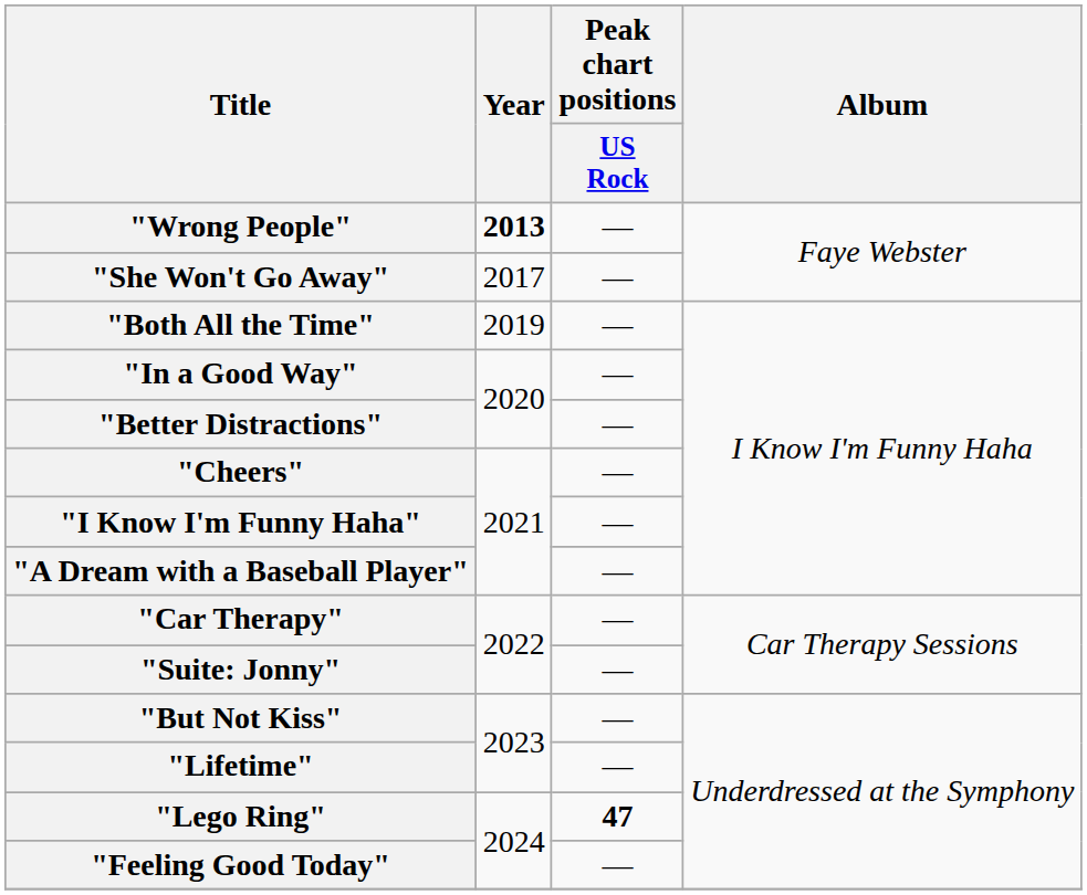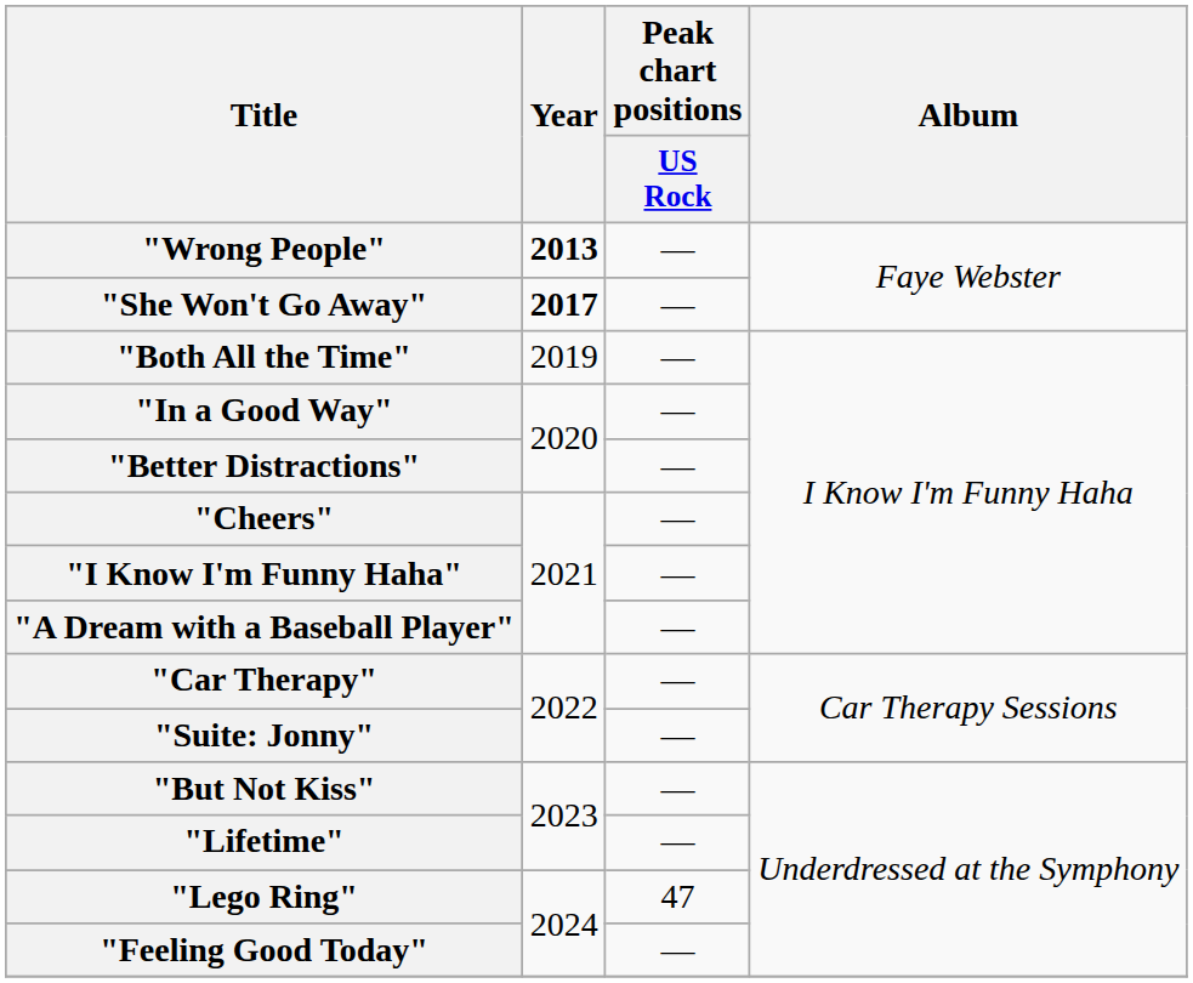 <table class="wikitable plainrowheaders" style="text-align:center;">
 <tr>
 <th scope="col" rowspan="2">Title</th>
 <th scope="col" rowspan="2">Year</th>
 <th scope="col" colspan="1">Peak chart positions</th>
 <th scope="col" rowspan="2">Album</th>
 </tr>
 <tr>
 <th scope="col" style="width:2.5em;font-size:90%;"><a href='#'>US<br>Rock</a><br></th>
 </tr>
 <tr>
 <th scope="row">"Wrong People"</th>
 <td><strong>2013</strong></td>
 <td>—</td>
 <td rowspan="2"><em>Faye Webster</em></td>
 </tr>
 <tr>
 <th scope="row">"She Won't Go Away"</th>
-<td>2017</td>
+<td><strong>2017</strong></td>
 <td>—</td>
 </tr>
 <tr>
 <th scope="row">"Both All the Time"</th>
 <td>2019</td>
 <td>—</td>
 <td rowspan="6"><em>I Know I'm Funny Haha</em></td>
 </tr>
 <tr>
 <th scope="row">"In a Good Way"</th>
 <td rowspan="2">2020</td>
 <td>—</td>
 </tr>
 <tr>
 <th scope="row">"Better Distractions"</th>
 <td>—</td>
 </tr>
 <tr>
 <th scope="row">"Cheers"</th>
 <td rowspan="3">2021</td>
 <td>—</td>
 </tr>
 <tr>
 <th scope="row">"I Know I'm Funny Haha"</th>
 <td>—</td>
 </tr>
 <tr>
 <th scope="row">"A Dream with a Baseball Player"</th>
 <td>—</td>
 </tr>
 <tr>
 <th scope="row">"Car Therapy"</th>
 <td rowspan="2">2022</td>
 <td>—</td>
 <td rowspan="2"><em>Car Therapy Sessions</em></td>
 </tr>
 <tr>
 <th scope="row">"Suite: Jonny"</th>
 <td>—</td>
 </tr>
 <tr>
 <th scope="row">"But Not Kiss"</th>
 <td rowspan="2">2023</td>
 <td>—</td>
 <td rowspan="4"><em>Underdressed at the Symphony</em></td>
 </tr>
 <tr>
 <th scope="row">"Lifetime"</th>
 <td>—</td>
 </tr>
 <tr>
 <th scope="row">"Lego Ring"<br></th>
 <td rowspan="2">2024</td>
-<td><strong>47</strong></td>
+<td>47</td>
 </tr>
 <tr>
 <th scope="row">"Feeling Good Today"</th>
 <td>—</td>
 </tr>
 <tr>
 </tr>
 </table>
